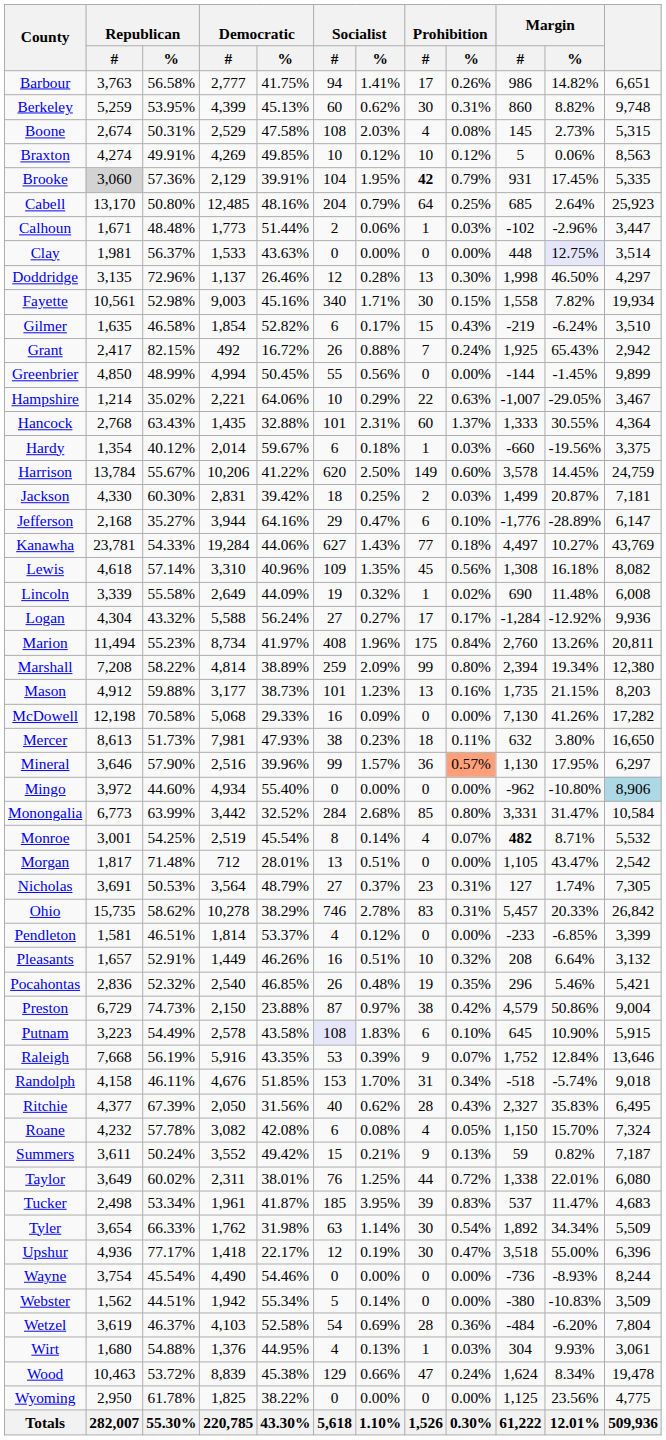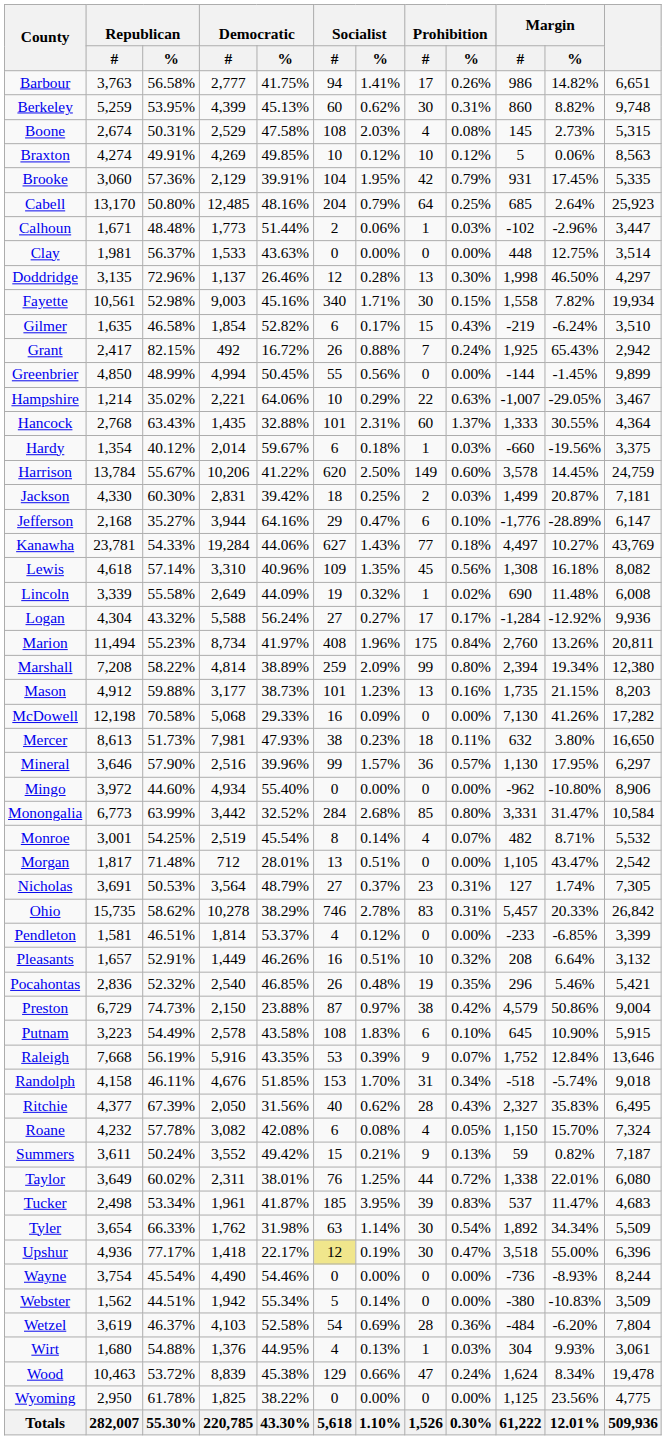 <table class="wikitable sortable mw-collapsible mw-collapsed">
 <tr bgcolor="lightgrey">
 <th rowspan="2">County</th>
 <th colspan="2"><br>Republican</th>
 <th colspan="2"><br>Democratic</th>
 <th colspan="2"><br>Socialist</th>
 <th colspan="2"><br>Prohibition</th>
 <th colspan="2">Margin</th>
 <th rowspan="2"></th>
 </tr>
 <tr>
 <th data-sort-type="number">#</th>
 <th data-sort-type="number">%</th>
 <th data-sort-type="number">#</th>
 <th data-sort-type="number">%</th>
 <th data-sort-type="number">#</th>
 <th data-sort-type="number">%</th>
 <th data-sort-type="number">#</th>
 <th data-sort-type="number">%</th>
 <th data-sort-type="number">#</th>
 <th data-sort-type="number">%</th>
 </tr>
 <tr style="text-align:center;">
 <td><a href='#'>Barbour</a></td>
 <td>3,763</td>
 <td>56.58%</td>
 <td>2,777</td>
 <td>41.75%</td>
 <td>94</td>
 <td>1.41%</td>
 <td>17</td>
 <td>0.26%</td>
 <td>986</td>
 <td>14.82%</td>
 <td>6,651</td>
 </tr>
 <tr style="text-align:center;">
 <td><a href='#'>Berkeley</a></td>
 <td>5,259</td>
 <td>53.95%</td>
 <td>4,399</td>
 <td>45.13%</td>
 <td>60</td>
 <td>0.62%</td>
 <td>30</td>
 <td>0.31%</td>
 <td>860</td>
 <td>8.82%</td>
 <td>9,748</td>
 </tr>
 <tr style="text-align:center;">
 <td><a href='#'>Boone</a></td>
 <td>2,674</td>
 <td>50.31%</td>
 <td>2,529</td>
 <td>47.58%</td>
 <td>108</td>
 <td>2.03%</td>
 <td>4</td>
 <td>0.08%</td>
 <td>145</td>
 <td>2.73%</td>
 <td>5,315</td>
 </tr>
 <tr style="text-align:center;">
 <td><a href='#'>Braxton</a></td>
 <td>4,274</td>
 <td>49.91%</td>
 <td>4,269</td>
 <td>49.85%</td>
 <td>10</td>
 <td>0.12%</td>
 <td>10</td>
 <td>0.12%</td>
 <td>5</td>
 <td>0.06%</td>
 <td>8,563</td>
 </tr>
 <tr style="text-align:center;">
 <td><a href='#'>Brooke</a></td>
-<td style="background: lightgrey;">3,060</td>
+<td>3,060</td>
 <td>57.36%</td>
 <td>2,129</td>
 <td>39.91%</td>
 <td>104</td>
 <td>1.95%</td>
-<td><strong>42</strong></td>
+<td>42</td>
 <td>0.79%</td>
 <td>931</td>
 <td>17.45%</td>
 <td>5,335</td>
 </tr>
 <tr style="text-align:center;">
 <td><a href='#'>Cabell</a></td>
 <td>13,170</td>
 <td>50.80%</td>
 <td>12,485</td>
 <td>48.16%</td>
 <td>204</td>
 <td>0.79%</td>
 <td>64</td>
 <td>0.25%</td>
 <td>685</td>
 <td>2.64%</td>
 <td>25,923</td>
 </tr>
 <tr style="text-align:center;">
 <td><a href='#'>Calhoun</a></td>
 <td>1,671</td>
 <td>48.48%</td>
 <td>1,773</td>
 <td>51.44%</td>
 <td>2</td>
 <td>0.06%</td>
 <td>1</td>
 <td>0.03%</td>
 <td>-102</td>
 <td>-2.96%</td>
 <td>3,447</td>
 </tr>
 <tr style="text-align:center;">
 <td><a href='#'>Clay</a></td>
 <td>1,981</td>
 <td>56.37%</td>
 <td>1,533</td>
 <td>43.63%</td>
 <td>0</td>
 <td>0.00%</td>
 <td>0</td>
 <td>0.00%</td>
 <td>448</td>
-<td style="background: lavender;">12.75%</td>
+<td>12.75%</td>
 <td>3,514</td>
 </tr>
 <tr style="text-align:center;">
 <td><a href='#'>Doddridge</a></td>
 <td>3,135</td>
 <td>72.96%</td>
 <td>1,137</td>
 <td>26.46%</td>
 <td>12</td>
 <td>0.28%</td>
 <td>13</td>
 <td>0.30%</td>
 <td>1,998</td>
 <td>46.50%</td>
 <td>4,297</td>
 </tr>
 <tr style="text-align:center;">
 <td><a href='#'>Fayette</a></td>
 <td>10,561</td>
 <td>52.98%</td>
 <td>9,003</td>
 <td>45.16%</td>
 <td>340</td>
 <td>1.71%</td>
 <td>30</td>
 <td>0.15%</td>
 <td>1,558</td>
 <td>7.82%</td>
 <td>19,934</td>
 </tr>
 <tr style="text-align:center;">
 <td><a href='#'>Gilmer</a></td>
 <td>1,635</td>
 <td>46.58%</td>
 <td>1,854</td>
 <td>52.82%</td>
 <td>6</td>
 <td>0.17%</td>
 <td>15</td>
 <td>0.43%</td>
 <td>-219</td>
 <td>-6.24%</td>
 <td>3,510</td>
 </tr>
 <tr style="text-align:center;">
 <td><a href='#'>Grant</a></td>
 <td>2,417</td>
 <td>82.15%</td>
 <td>492</td>
 <td>16.72%</td>
 <td>26</td>
 <td>0.88%</td>
 <td>7</td>
 <td>0.24%</td>
 <td>1,925</td>
 <td>65.43%</td>
 <td>2,942</td>
 </tr>
 <tr style="text-align:center;">
 <td><a href='#'>Greenbrier</a></td>
 <td>4,850</td>
 <td>48.99%</td>
 <td>4,994</td>
 <td>50.45%</td>
 <td>55</td>
 <td>0.56%</td>
 <td>0</td>
 <td>0.00%</td>
 <td>-144</td>
 <td>-1.45%</td>
 <td>9,899</td>
 </tr>
 <tr style="text-align:center;">
 <td><a href='#'>Hampshire</a></td>
 <td>1,214</td>
 <td>35.02%</td>
 <td>2,221</td>
 <td>64.06%</td>
 <td>10</td>
 <td>0.29%</td>
 <td>22</td>
 <td>0.63%</td>
 <td>-1,007</td>
 <td>-29.05%</td>
 <td>3,467</td>
 </tr>
 <tr style="text-align:center;">
 <td><a href='#'>Hancock</a></td>
 <td>2,768</td>
 <td>63.43%</td>
 <td>1,435</td>
 <td>32.88%</td>
 <td>101</td>
 <td>2.31%</td>
 <td>60</td>
 <td>1.37%</td>
 <td>1,333</td>
 <td>30.55%</td>
 <td>4,364</td>
 </tr>
 <tr style="text-align:center;">
 <td><a href='#'>Hardy</a></td>
 <td>1,354</td>
 <td>40.12%</td>
 <td>2,014</td>
 <td>59.67%</td>
 <td>6</td>
 <td>0.18%</td>
 <td>1</td>
 <td>0.03%</td>
 <td>-660</td>
 <td>-19.56%</td>
 <td>3,375</td>
 </tr>
 <tr style="text-align:center;">
 <td><a href='#'>Harrison</a></td>
 <td>13,784</td>
 <td>55.67%</td>
 <td>10,206</td>
 <td>41.22%</td>
 <td>620</td>
 <td>2.50%</td>
 <td>149</td>
 <td>0.60%</td>
 <td>3,578</td>
 <td>14.45%</td>
 <td>24,759</td>
 </tr>
 <tr style="text-align:center;">
 <td><a href='#'>Jackson</a></td>
 <td>4,330</td>
 <td>60.30%</td>
 <td>2,831</td>
 <td>39.42%</td>
 <td>18</td>
 <td>0.25%</td>
 <td>2</td>
 <td>0.03%</td>
 <td>1,499</td>
 <td>20.87%</td>
 <td>7,181</td>
 </tr>
 <tr style="text-align:center;">
 <td><a href='#'>Jefferson</a></td>
 <td>2,168</td>
 <td>35.27%</td>
 <td>3,944</td>
 <td>64.16%</td>
 <td>29</td>
 <td>0.47%</td>
 <td>6</td>
 <td>0.10%</td>
 <td>-1,776</td>
 <td>-28.89%</td>
 <td>6,147</td>
 </tr>
 <tr style="text-align:center;">
 <td><a href='#'>Kanawha</a></td>
 <td>23,781</td>
 <td>54.33%</td>
 <td>19,284</td>
 <td>44.06%</td>
 <td>627</td>
 <td>1.43%</td>
 <td>77</td>
 <td>0.18%</td>
 <td>4,497</td>
 <td>10.27%</td>
 <td>43,769</td>
 </tr>
 <tr style="text-align:center;">
 <td><a href='#'>Lewis</a></td>
 <td>4,618</td>
 <td>57.14%</td>
 <td>3,310</td>
 <td>40.96%</td>
 <td>109</td>
 <td>1.35%</td>
 <td>45</td>
 <td>0.56%</td>
 <td>1,308</td>
 <td>16.18%</td>
 <td>8,082</td>
 </tr>
 <tr style="text-align:center;">
 <td><a href='#'>Lincoln</a></td>
 <td>3,339</td>
 <td>55.58%</td>
 <td>2,649</td>
 <td>44.09%</td>
 <td>19</td>
 <td>0.32%</td>
 <td>1</td>
 <td>0.02%</td>
 <td>690</td>
 <td>11.48%</td>
 <td>6,008</td>
 </tr>
 <tr style="text-align:center;">
 <td><a href='#'>Logan</a></td>
 <td>4,304</td>
 <td>43.32%</td>
 <td>5,588</td>
 <td>56.24%</td>
 <td>27</td>
 <td>0.27%</td>
 <td>17</td>
 <td>0.17%</td>
 <td>-1,284</td>
 <td>-12.92%</td>
 <td>9,936</td>
 </tr>
 <tr style="text-align:center;">
 <td><a href='#'>Marion</a></td>
 <td>11,494</td>
 <td>55.23%</td>
 <td>8,734</td>
 <td>41.97%</td>
 <td>408</td>
 <td>1.96%</td>
 <td>175</td>
 <td>0.84%</td>
 <td>2,760</td>
 <td>13.26%</td>
 <td>20,811</td>
 </tr>
 <tr style="text-align:center;">
 <td><a href='#'>Marshall</a></td>
 <td>7,208</td>
 <td>58.22%</td>
 <td>4,814</td>
 <td>38.89%</td>
 <td>259</td>
 <td>2.09%</td>
 <td>99</td>
 <td>0.80%</td>
 <td>2,394</td>
 <td>19.34%</td>
 <td>12,380</td>
 </tr>
 <tr style="text-align:center;">
 <td><a href='#'>Mason</a></td>
 <td>4,912</td>
 <td>59.88%</td>
 <td>3,177</td>
 <td>38.73%</td>
 <td>101</td>
 <td>1.23%</td>
 <td>13</td>
 <td>0.16%</td>
 <td>1,735</td>
 <td>21.15%</td>
 <td>8,203</td>
 </tr>
 <tr style="text-align:center;">
 <td><a href='#'>McDowell</a></td>
 <td>12,198</td>
 <td>70.58%</td>
 <td>5,068</td>
 <td>29.33%</td>
 <td>16</td>
 <td>0.09%</td>
 <td>0</td>
 <td>0.00%</td>
 <td>7,130</td>
 <td>41.26%</td>
 <td>17,282</td>
 </tr>
 <tr style="text-align:center;">
 <td><a href='#'>Mercer</a></td>
 <td>8,613</td>
 <td>51.73%</td>
 <td>7,981</td>
 <td>47.93%</td>
 <td>38</td>
 <td>0.23%</td>
 <td>18</td>
 <td>0.11%</td>
 <td>632</td>
 <td>3.80%</td>
 <td>16,650</td>
 </tr>
 <tr style="text-align:center;">
 <td><a href='#'>Mineral</a></td>
 <td>3,646</td>
 <td>57.90%</td>
 <td>2,516</td>
 <td>39.96%</td>
 <td>99</td>
 <td>1.57%</td>
 <td>36</td>
-<td style="background: lightsalmon;">0.57%</td>
+<td>0.57%</td>
 <td>1,130</td>
 <td>17.95%</td>
 <td>6,297</td>
 </tr>
 <tr style="text-align:center;">
 <td><a href='#'>Mingo</a></td>
 <td>3,972</td>
 <td>44.60%</td>
 <td>4,934</td>
 <td>55.40%</td>
 <td>0</td>
 <td>0.00%</td>
 <td>0</td>
 <td>0.00%</td>
 <td>-962</td>
 <td>-10.80%</td>
-<td style="background: lightblue;">8,906</td>
+<td>8,906</td>
 </tr>
 <tr style="text-align:center;">
 <td><a href='#'>Monongalia</a></td>
 <td>6,773</td>
 <td>63.99%</td>
 <td>3,442</td>
 <td>32.52%</td>
 <td>284</td>
 <td>2.68%</td>
 <td>85</td>
 <td>0.80%</td>
 <td>3,331</td>
 <td>31.47%</td>
 <td>10,584</td>
 </tr>
 <tr style="text-align:center;">
 <td><a href='#'>Monroe</a></td>
 <td>3,001</td>
 <td>54.25%</td>
 <td>2,519</td>
 <td>45.54%</td>
 <td>8</td>
 <td>0.14%</td>
 <td>4</td>
 <td>0.07%</td>
-<td><strong>482</strong></td>
+<td>482</td>
 <td>8.71%</td>
 <td>5,532</td>
 </tr>
 <tr style="text-align:center;">
 <td><a href='#'>Morgan</a></td>
 <td>1,817</td>
 <td>71.48%</td>
 <td>712</td>
 <td>28.01%</td>
 <td>13</td>
 <td>0.51%</td>
 <td>0</td>
 <td>0.00%</td>
 <td>1,105</td>
 <td>43.47%</td>
 <td>2,542</td>
 </tr>
 <tr style="text-align:center;">
 <td><a href='#'>Nicholas</a></td>
 <td>3,691</td>
 <td>50.53%</td>
 <td>3,564</td>
 <td>48.79%</td>
 <td>27</td>
 <td>0.37%</td>
 <td>23</td>
 <td>0.31%</td>
 <td>127</td>
 <td>1.74%</td>
 <td>7,305</td>
 </tr>
 <tr style="text-align:center;">
 <td><a href='#'>Ohio</a></td>
 <td>15,735</td>
 <td>58.62%</td>
 <td>10,278</td>
 <td>38.29%</td>
 <td>746</td>
 <td>2.78%</td>
 <td>83</td>
 <td>0.31%</td>
 <td>5,457</td>
 <td>20.33%</td>
 <td>26,842</td>
 </tr>
 <tr style="text-align:center;">
 <td><a href='#'>Pendleton</a></td>
 <td>1,581</td>
 <td>46.51%</td>
 <td>1,814</td>
 <td>53.37%</td>
 <td>4</td>
 <td>0.12%</td>
 <td>0</td>
 <td>0.00%</td>
 <td>-233</td>
 <td>-6.85%</td>
 <td>3,399</td>
 </tr>
 <tr style="text-align:center;">
 <td><a href='#'>Pleasants</a></td>
 <td>1,657</td>
 <td>52.91%</td>
 <td>1,449</td>
 <td>46.26%</td>
 <td>16</td>
 <td>0.51%</td>
 <td>10</td>
 <td>0.32%</td>
 <td>208</td>
 <td>6.64%</td>
 <td>3,132</td>
 </tr>
 <tr style="text-align:center;">
 <td><a href='#'>Pocahontas</a></td>
 <td>2,836</td>
 <td>52.32%</td>
 <td>2,540</td>
 <td>46.85%</td>
 <td>26</td>
 <td>0.48%</td>
 <td>19</td>
 <td>0.35%</td>
 <td>296</td>
 <td>5.46%</td>
 <td>5,421</td>
 </tr>
 <tr style="text-align:center;">
 <td><a href='#'>Preston</a></td>
 <td>6,729</td>
 <td>74.73%</td>
 <td>2,150</td>
 <td>23.88%</td>
 <td>87</td>
 <td>0.97%</td>
 <td>38</td>
 <td>0.42%</td>
 <td>4,579</td>
 <td>50.86%</td>
 <td>9,004</td>
 </tr>
 <tr style="text-align:center;">
 <td><a href='#'>Putnam</a></td>
 <td>3,223</td>
 <td>54.49%</td>
 <td>2,578</td>
 <td>43.58%</td>
-<td style="background: lavender;">108</td>
+<td>108</td>
 <td>1.83%</td>
 <td>6</td>
 <td>0.10%</td>
 <td>645</td>
 <td>10.90%</td>
 <td>5,915</td>
 </tr>
 <tr style="text-align:center;">
 <td><a href='#'>Raleigh</a></td>
 <td>7,668</td>
 <td>56.19%</td>
 <td>5,916</td>
 <td>43.35%</td>
 <td>53</td>
 <td>0.39%</td>
 <td>9</td>
 <td>0.07%</td>
 <td>1,752</td>
 <td>12.84%</td>
 <td>13,646</td>
 </tr>
 <tr style="text-align:center;">
 <td><a href='#'>Randolph</a></td>
 <td>4,158</td>
 <td>46.11%</td>
 <td>4,676</td>
 <td>51.85%</td>
 <td>153</td>
 <td>1.70%</td>
 <td>31</td>
 <td>0.34%</td>
 <td>-518</td>
 <td>-5.74%</td>
 <td>9,018</td>
 </tr>
 <tr style="text-align:center;">
 <td><a href='#'>Ritchie</a></td>
 <td>4,377</td>
 <td>67.39%</td>
 <td>2,050</td>
 <td>31.56%</td>
 <td>40</td>
 <td>0.62%</td>
 <td>28</td>
 <td>0.43%</td>
 <td>2,327</td>
 <td>35.83%</td>
 <td>6,495</td>
 </tr>
 <tr style="text-align:center;">
 <td><a href='#'>Roane</a></td>
 <td>4,232</td>
 <td>57.78%</td>
 <td>3,082</td>
 <td>42.08%</td>
 <td>6</td>
 <td>0.08%</td>
 <td>4</td>
 <td>0.05%</td>
 <td>1,150</td>
 <td>15.70%</td>
 <td>7,324</td>
 </tr>
 <tr style="text-align:center;">
 <td><a href='#'>Summers</a></td>
 <td>3,611</td>
 <td>50.24%</td>
 <td>3,552</td>
 <td>49.42%</td>
 <td>15</td>
 <td>0.21%</td>
 <td>9</td>
 <td>0.13%</td>
 <td>59</td>
 <td>0.82%</td>
 <td>7,187</td>
 </tr>
 <tr style="text-align:center;">
 <td><a href='#'>Taylor</a></td>
 <td>3,649</td>
 <td>60.02%</td>
 <td>2,311</td>
 <td>38.01%</td>
 <td>76</td>
 <td>1.25%</td>
 <td>44</td>
 <td>0.72%</td>
 <td>1,338</td>
 <td>22.01%</td>
 <td>6,080</td>
 </tr>
 <tr style="text-align:center;">
 <td><a href='#'>Tucker</a></td>
 <td>2,498</td>
 <td>53.34%</td>
 <td>1,961</td>
 <td>41.87%</td>
 <td>185</td>
 <td>3.95%</td>
 <td>39</td>
 <td>0.83%</td>
 <td>537</td>
 <td>11.47%</td>
 <td>4,683</td>
 </tr>
 <tr style="text-align:center;">
 <td><a href='#'>Tyler</a></td>
 <td>3,654</td>
 <td>66.33%</td>
 <td>1,762</td>
 <td>31.98%</td>
 <td>63</td>
 <td>1.14%</td>
 <td>30</td>
 <td>0.54%</td>
 <td>1,892</td>
 <td>34.34%</td>
 <td>5,509</td>
 </tr>
 <tr style="text-align:center;">
 <td><a href='#'>Upshur</a></td>
 <td>4,936</td>
 <td>77.17%</td>
 <td>1,418</td>
 <td>22.17%</td>
-<td>12</td>
+<td style="background: khaki;">12</td>
 <td>0.19%</td>
 <td>30</td>
 <td>0.47%</td>
 <td>3,518</td>
 <td>55.00%</td>
 <td>6,396</td>
 </tr>
 <tr style="text-align:center;">
 <td><a href='#'>Wayne</a></td>
 <td>3,754</td>
 <td>45.54%</td>
 <td>4,490</td>
 <td>54.46%</td>
 <td>0</td>
 <td>0.00%</td>
 <td>0</td>
 <td>0.00%</td>
 <td>-736</td>
 <td>-8.93%</td>
 <td>8,244</td>
 </tr>
 <tr style="text-align:center;">
 <td><a href='#'>Webster</a></td>
 <td>1,562</td>
 <td>44.51%</td>
 <td>1,942</td>
 <td>55.34%</td>
 <td>5</td>
 <td>0.14%</td>
 <td>0</td>
 <td>0.00%</td>
 <td>-380</td>
 <td>-10.83%</td>
 <td>3,509</td>
 </tr>
 <tr style="text-align:center;">
 <td><a href='#'>Wetzel</a></td>
 <td>3,619</td>
 <td>46.37%</td>
 <td>4,103</td>
 <td>52.58%</td>
 <td>54</td>
 <td>0.69%</td>
 <td>28</td>
 <td>0.36%</td>
 <td>-484</td>
 <td>-6.20%</td>
 <td>7,804</td>
 </tr>
 <tr style="text-align:center;">
 <td><a href='#'>Wirt</a></td>
 <td>1,680</td>
 <td>54.88%</td>
 <td>1,376</td>
 <td>44.95%</td>
 <td>4</td>
 <td>0.13%</td>
 <td>1</td>
 <td>0.03%</td>
 <td>304</td>
 <td>9.93%</td>
 <td>3,061</td>
 </tr>
 <tr style="text-align:center;">
 <td><a href='#'>Wood</a></td>
 <td>10,463</td>
 <td>53.72%</td>
 <td>8,839</td>
 <td>45.38%</td>
 <td>129</td>
 <td>0.66%</td>
 <td>47</td>
 <td>0.24%</td>
 <td>1,624</td>
 <td>8.34%</td>
 <td>19,478</td>
 </tr>
 <tr style="text-align:center;">
 <td><a href='#'>Wyoming</a></td>
 <td>2,950</td>
 <td>61.78%</td>
 <td>1,825</td>
 <td>38.22%</td>
 <td>0</td>
 <td>0.00%</td>
 <td>0</td>
 <td>0.00%</td>
 <td>1,125</td>
 <td>23.56%</td>
 <td>4,775</td>
 </tr>
 <tr style="text-align:center;">
 <th>Totals</th>
 <th>282,007</th>
 <th>55.30%</th>
 <th>220,785</th>
 <th>43.30%</th>
 <th>5,618</th>
 <th>1.10%</th>
 <th>1,526</th>
 <th>0.30%</th>
 <th>61,222</th>
 <th>12.01%</th>
 <th>509,936</th>
 </tr>
 </table>
